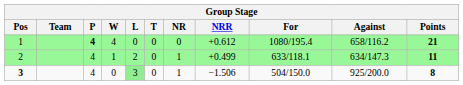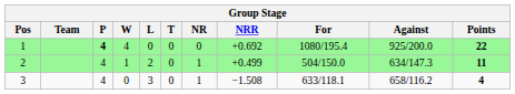 <table class="wikitable" style="width:60%">
 <tr style="background:#efefef;">
 <th colspan=12>Group Stage</th>
 </tr>
 <tr style="background:#efefef;">
 <th>Pos</th>
 <th>Team</th>
 <th>P</th>
 <th>W</th>
 <th>L</th>
 <th>T</th>
 <th>NR</th>
 <th><a href='#'>NRR</a></th>
 <th>For</th>
 <th>Against</th>
 <th>Points</th>
 </tr>
 <tr style="background:#98F898; text-align:center;">
 <td>1</td>
 <td style="text-align:left"></td>
 <td><strong>4</strong></td>
 <td>4</td>
 <td>0</td>
 <td>0</td>
 <td>0</td>
-<td>+0.612</td>
+<td>+0.692</td>
 <td>1080/195.4</td>
-<td>658/116.2</td>
-<td><strong>21</strong></td>
+<td>925/200.0</td>
+<td><strong>22</strong></td>
 </tr>
 <tr style="background:#98F898; text-align:center;">
 <td>2</td>
 <td style="text-align:left"></td>
 <td>4</td>
 <td>1</td>
 <td>2</td>
 <td>0</td>
 <td>1</td>
 <td>+0.499</td>
-<td>633/118.1</td>
+<td>504/150.0</td>
 <td>634/147.3</td>
 <td><strong>11</strong></td>
 </tr>
 <tr style="text-align:center;">
-<td><strong>3</strong></td>
+<td>3</td>
 <td style="text-align:left"></td>
 <td>4</td>
 <td>0</td>
-<td style="background: lightgreen;">3</td>
+<td>3</td>
 <td>0</td>
 <td>1</td>
-<td>−1.506</td>
-<td>504/150.0</td>
-<td>925/200.0</td>
-<td><strong>8</strong></td>
+<td>−1.508</td>
+<td>633/118.1</td>
+<td>658/116.2</td>
+<td><strong>4</strong></td>
 </tr>
 </table>
